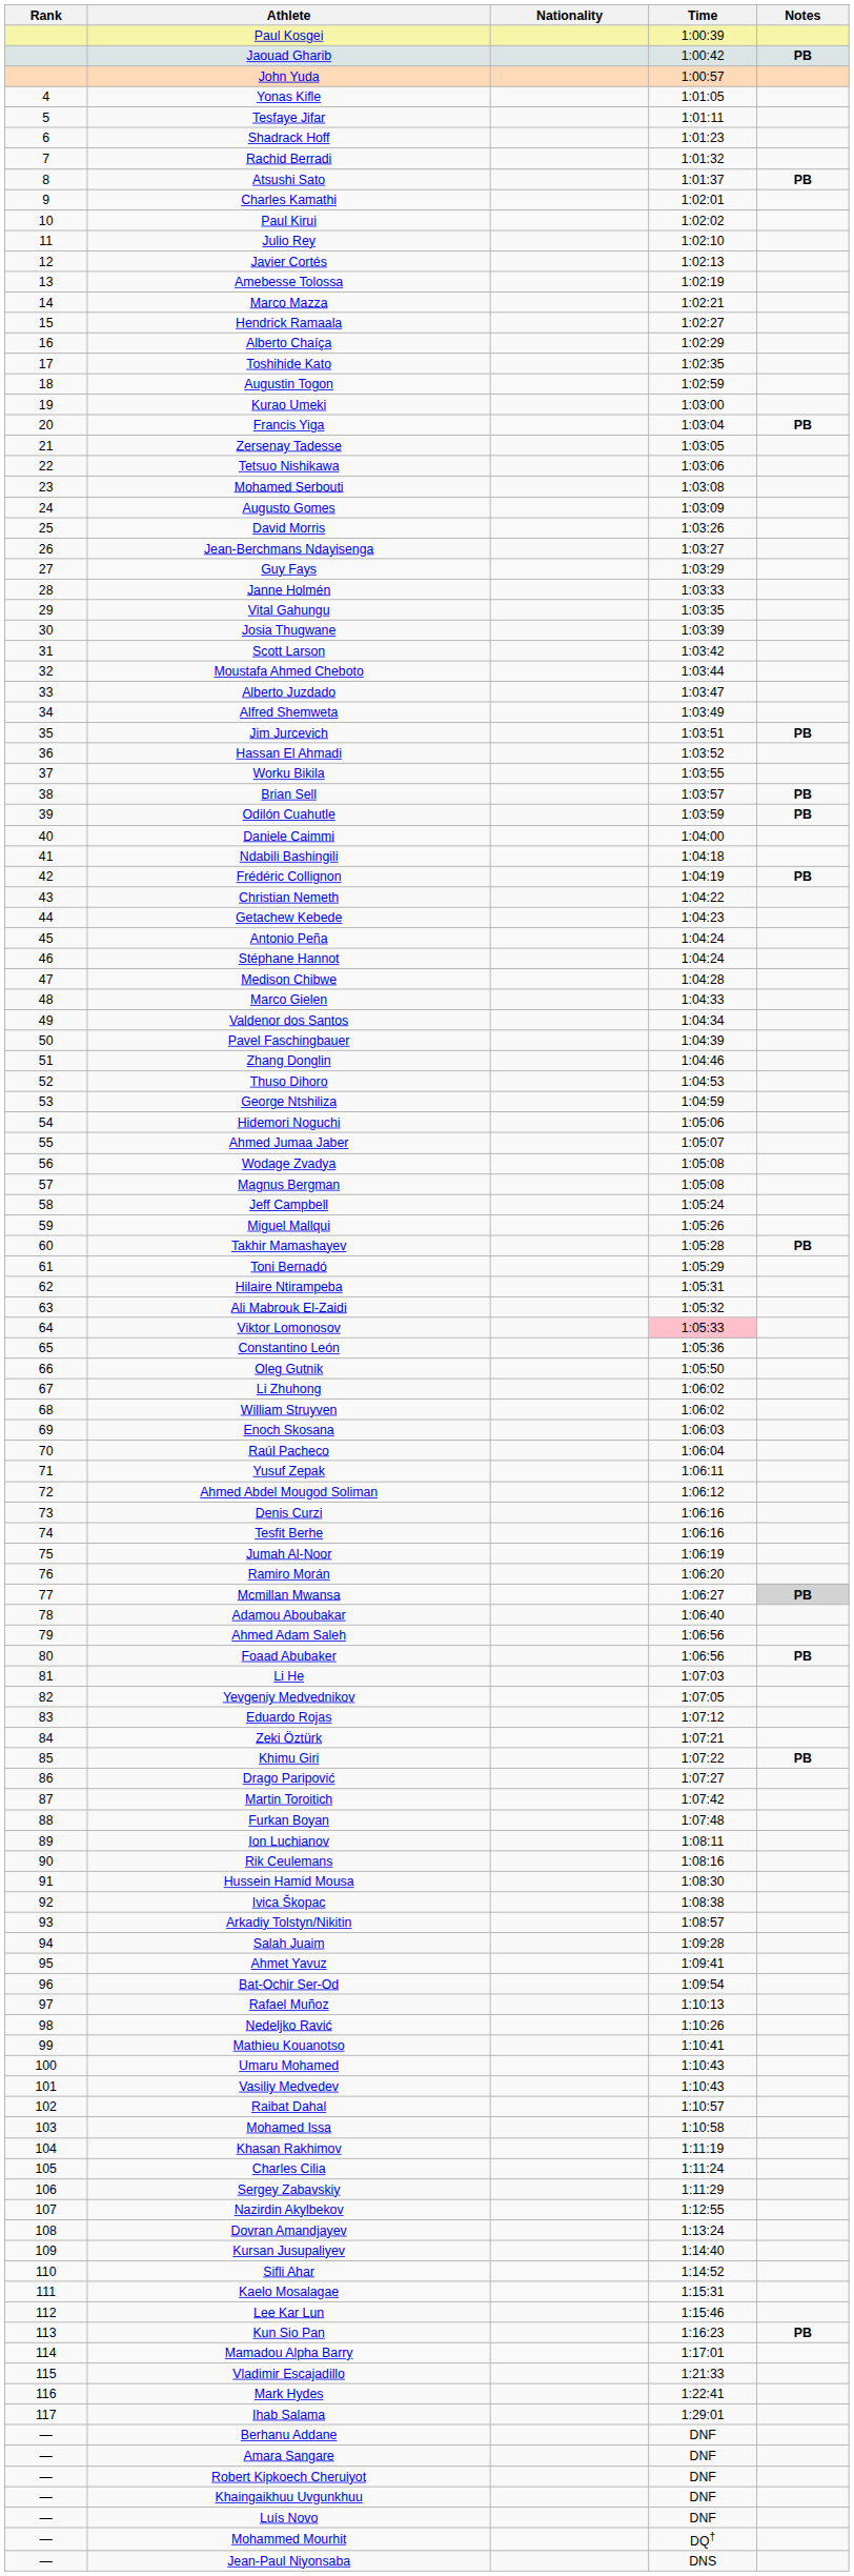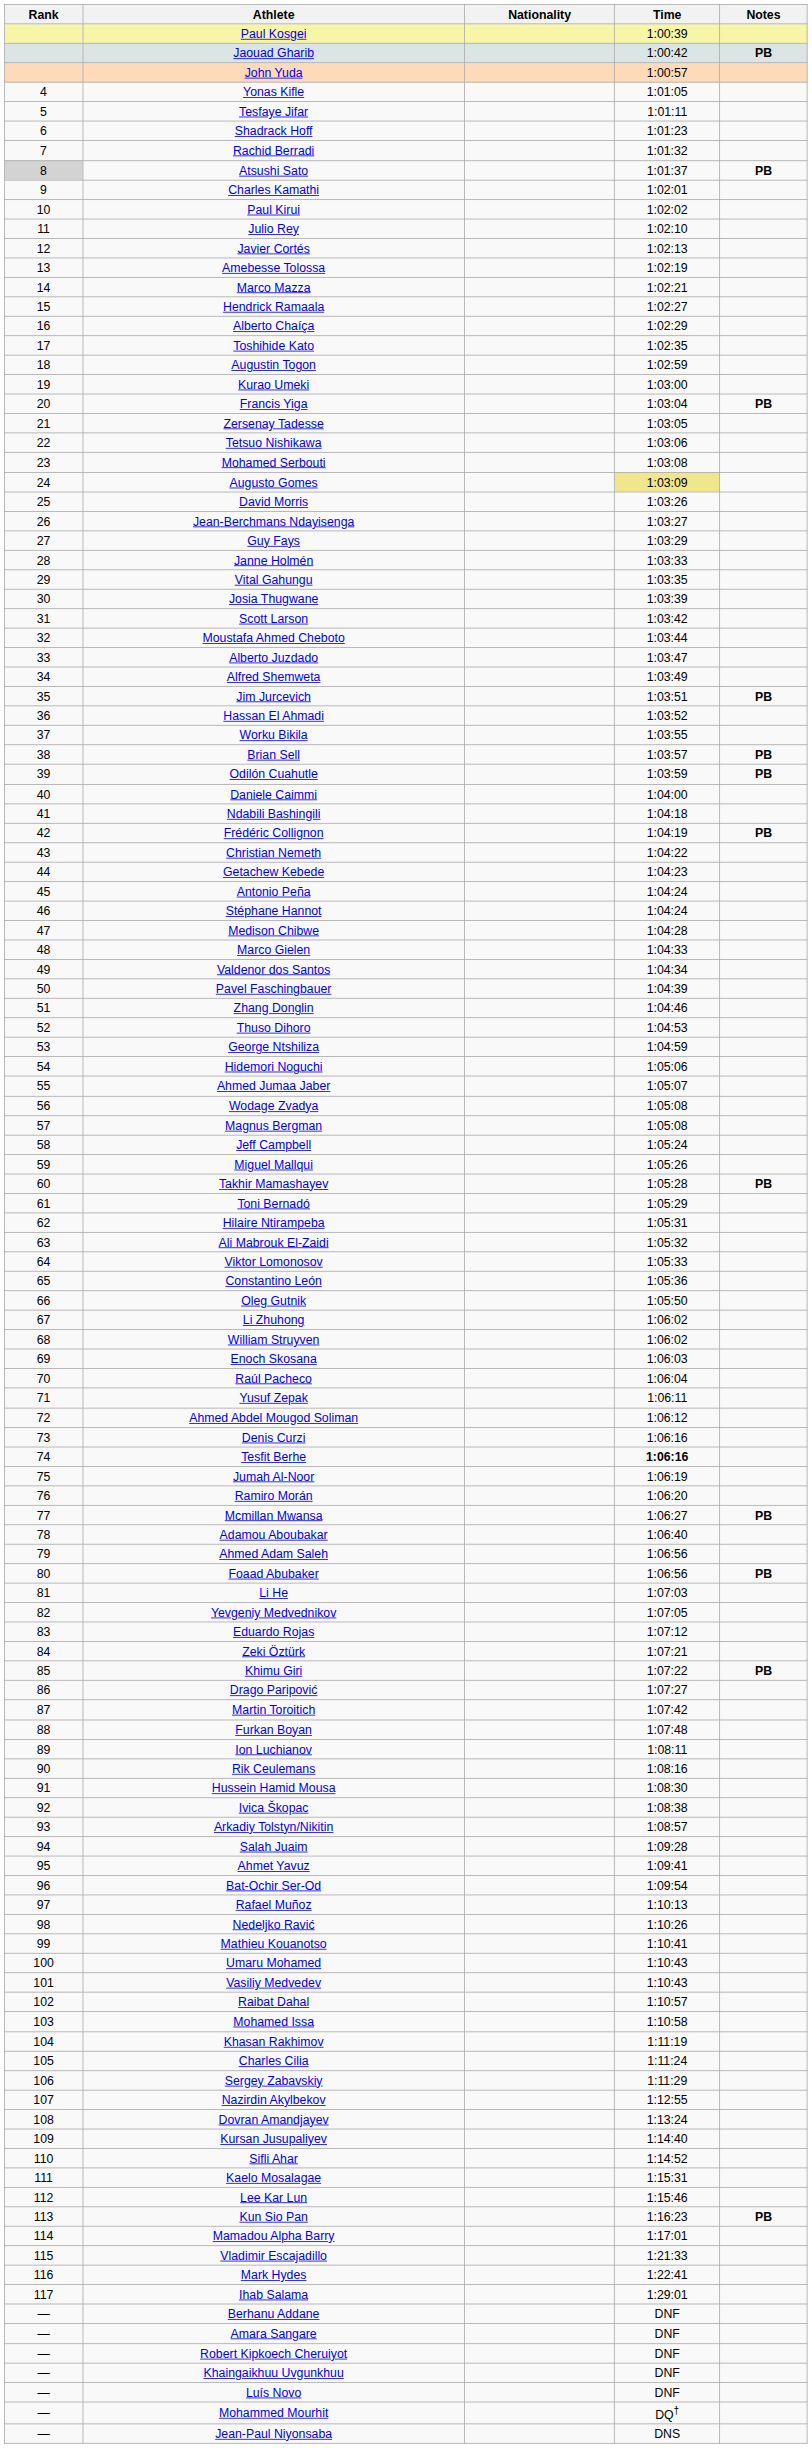 <table class="wikitable sortable" style=" text-align:center; font-size:95%;" width="50%">
 <tr>
 <th>Rank</th>
 <th>Athlete</th>
 <th>Nationality</th>
 <th>Time</th>
 <th>Notes</th>
 </tr>
 <tr bgcolor="#F7F6A8">
 <td align=center></td>
 <td><a href='#'>Paul Kosgei</a></td>
 <td></td>
 <td>1:00:39</td>
 <td></td>
 </tr>
 <tr bgcolor="#DCE5E5">
 <td align=center></td>
 <td><a href='#'>Jaouad Gharib</a></td>
 <td></td>
 <td>1:00:42</td>
 <td><strong>PB</strong></td>
 </tr>
 <tr bgcolor="#FFDAB9">
 <td align=center></td>
 <td><a href='#'>John Yuda</a></td>
 <td></td>
 <td>1:00:57</td>
 <td></td>
 </tr>
 <tr>
 <td align=center>4</td>
 <td><a href='#'>Yonas Kifle</a></td>
 <td></td>
 <td>1:01:05</td>
 <td></td>
 </tr>
 <tr>
 <td align=center>5</td>
 <td><a href='#'>Tesfaye Jifar</a></td>
 <td></td>
 <td>1:01:11</td>
 <td></td>
 </tr>
 <tr>
 <td align=center>6</td>
 <td><a href='#'>Shadrack Hoff</a></td>
 <td></td>
 <td>1:01:23</td>
 <td></td>
 </tr>
 <tr>
 <td align=center>7</td>
 <td><a href='#'>Rachid Berradi</a></td>
 <td></td>
 <td>1:01:32</td>
 <td></td>
 </tr>
 <tr>
-<td align=center>8</td>
+<td align=center style="background: lightgrey;">8</td>
 <td><a href='#'>Atsushi Sato</a></td>
 <td></td>
 <td>1:01:37</td>
 <td><strong>PB</strong></td>
 </tr>
 <tr>
 <td align=center>9</td>
 <td><a href='#'>Charles Kamathi</a></td>
 <td></td>
 <td>1:02:01</td>
 <td></td>
 </tr>
 <tr>
 <td align=center>10</td>
 <td><a href='#'>Paul Kirui</a></td>
 <td></td>
 <td>1:02:02</td>
 <td></td>
 </tr>
 <tr>
 <td align=center>11</td>
 <td><a href='#'>Julio Rey</a></td>
 <td></td>
 <td>1:02:10</td>
 <td></td>
 </tr>
 <tr>
 <td align=center>12</td>
 <td><a href='#'>Javier Cortés</a></td>
 <td></td>
 <td>1:02:13</td>
 <td></td>
 </tr>
 <tr>
 <td align=center>13</td>
 <td><a href='#'>Amebesse Tolossa</a></td>
 <td></td>
 <td>1:02:19</td>
 <td></td>
 </tr>
 <tr>
 <td align=center>14</td>
 <td><a href='#'>Marco Mazza</a></td>
 <td></td>
 <td>1:02:21</td>
 <td></td>
 </tr>
 <tr>
 <td align=center>15</td>
 <td><a href='#'>Hendrick Ramaala</a></td>
 <td></td>
 <td>1:02:27</td>
 <td></td>
 </tr>
 <tr>
 <td align=center>16</td>
 <td><a href='#'>Alberto Chaíça</a></td>
 <td></td>
 <td>1:02:29</td>
 <td></td>
 </tr>
 <tr>
 <td align=center>17</td>
 <td><a href='#'>Toshihide Kato</a></td>
 <td></td>
 <td>1:02:35</td>
 <td></td>
 </tr>
 <tr>
 <td align=center>18</td>
 <td><a href='#'>Augustin Togon</a></td>
 <td></td>
 <td>1:02:59</td>
 <td></td>
 </tr>
 <tr>
 <td align=center>19</td>
 <td><a href='#'>Kurao Umeki</a></td>
 <td></td>
 <td>1:03:00</td>
 <td></td>
 </tr>
 <tr>
 <td align=center>20</td>
 <td><a href='#'>Francis Yiga</a></td>
 <td></td>
 <td>1:03:04</td>
 <td><strong>PB</strong></td>
 </tr>
 <tr>
 <td align=center>21</td>
 <td><a href='#'>Zersenay Tadesse</a></td>
 <td></td>
 <td>1:03:05</td>
 <td></td>
 </tr>
 <tr>
 <td align=center>22</td>
 <td><a href='#'>Tetsuo Nishikawa</a></td>
 <td></td>
 <td>1:03:06</td>
 <td></td>
 </tr>
 <tr>
 <td align=center>23</td>
 <td><a href='#'>Mohamed Serbouti</a></td>
 <td></td>
 <td>1:03:08</td>
 <td></td>
 </tr>
 <tr>
 <td align=center>24</td>
 <td><a href='#'>Augusto Gomes</a></td>
 <td></td>
-<td>1:03:09</td>
+<td style="background: khaki;">1:03:09</td>
 <td></td>
 </tr>
 <tr>
 <td align=center>25</td>
 <td><a href='#'>David Morris</a></td>
 <td></td>
 <td>1:03:26</td>
 <td></td>
 </tr>
 <tr>
 <td align=center>26</td>
 <td><a href='#'>Jean-Berchmans Ndayisenga</a></td>
 <td></td>
 <td>1:03:27</td>
 <td></td>
 </tr>
 <tr>
 <td align=center>27</td>
 <td><a href='#'>Guy Fays</a></td>
 <td></td>
 <td>1:03:29</td>
 <td></td>
 </tr>
 <tr>
 <td align=center>28</td>
 <td><a href='#'>Janne Holmén</a></td>
 <td></td>
 <td>1:03:33</td>
 <td></td>
 </tr>
 <tr>
 <td align=center>29</td>
 <td><a href='#'>Vital Gahungu</a></td>
 <td></td>
 <td>1:03:35</td>
 <td></td>
 </tr>
 <tr>
 <td align=center>30</td>
 <td><a href='#'>Josia Thugwane</a></td>
 <td></td>
 <td>1:03:39</td>
 <td></td>
 </tr>
 <tr>
 <td align=center>31</td>
 <td><a href='#'>Scott Larson</a></td>
 <td></td>
 <td>1:03:42</td>
 <td></td>
 </tr>
 <tr>
 <td align=center>32</td>
 <td><a href='#'>Moustafa Ahmed Cheboto</a></td>
 <td></td>
 <td>1:03:44</td>
 <td></td>
 </tr>
 <tr>
 <td align=center>33</td>
 <td><a href='#'>Alberto Juzdado</a></td>
 <td></td>
 <td>1:03:47</td>
 <td></td>
 </tr>
 <tr>
 <td align=center>34</td>
 <td><a href='#'>Alfred Shemweta</a></td>
 <td></td>
 <td>1:03:49</td>
 <td></td>
 </tr>
 <tr>
 <td align=center>35</td>
 <td><a href='#'>Jim Jurcevich</a></td>
 <td></td>
 <td>1:03:51</td>
 <td><strong>PB</strong></td>
 </tr>
 <tr>
 <td align=center>36</td>
 <td><a href='#'>Hassan El Ahmadi</a></td>
 <td></td>
 <td>1:03:52</td>
 <td></td>
 </tr>
 <tr>
 <td align=center>37</td>
 <td><a href='#'>Worku Bikila</a></td>
 <td></td>
 <td>1:03:55</td>
 <td></td>
 </tr>
 <tr>
 <td align=center>38</td>
 <td><a href='#'>Brian Sell</a></td>
 <td></td>
 <td>1:03:57</td>
 <td><strong>PB</strong></td>
 </tr>
 <tr>
 <td align=center>39</td>
 <td><a href='#'>Odilón Cuahutle</a></td>
 <td></td>
 <td>1:03:59</td>
 <td><strong>PB</strong></td>
 </tr>
 <tr>
 <td align=center>40</td>
 <td><a href='#'>Daniele Caimmi</a></td>
 <td></td>
 <td>1:04:00</td>
 <td></td>
 </tr>
 <tr>
 <td align=center>41</td>
 <td><a href='#'>Ndabili Bashingili</a></td>
 <td></td>
 <td>1:04:18</td>
 <td></td>
 </tr>
 <tr>
 <td align=center>42</td>
 <td><a href='#'>Frédéric Collignon</a></td>
 <td></td>
 <td>1:04:19</td>
 <td><strong>PB</strong></td>
 </tr>
 <tr>
 <td align=center>43</td>
 <td><a href='#'>Christian Nemeth</a></td>
 <td></td>
 <td>1:04:22</td>
 <td></td>
 </tr>
 <tr>
 <td align=center>44</td>
 <td><a href='#'>Getachew Kebede</a></td>
 <td></td>
 <td>1:04:23</td>
 <td></td>
 </tr>
 <tr>
 <td align=center>45</td>
 <td><a href='#'>Antonio Peña</a></td>
 <td></td>
 <td>1:04:24</td>
 <td></td>
 </tr>
 <tr>
 <td align=center>46</td>
 <td><a href='#'>Stéphane Hannot</a></td>
 <td></td>
 <td>1:04:24</td>
 <td></td>
 </tr>
 <tr>
 <td align=center>47</td>
 <td><a href='#'>Medison Chibwe</a></td>
 <td></td>
 <td>1:04:28</td>
 <td></td>
 </tr>
 <tr>
 <td align=center>48</td>
 <td><a href='#'>Marco Gielen</a></td>
 <td></td>
 <td>1:04:33</td>
 <td></td>
 </tr>
 <tr>
 <td align=center>49</td>
 <td><a href='#'>Valdenor dos Santos</a></td>
 <td></td>
 <td>1:04:34</td>
 <td></td>
 </tr>
 <tr>
 <td align=center>50</td>
 <td><a href='#'>Pavel Faschingbauer</a></td>
 <td></td>
 <td>1:04:39</td>
 <td></td>
 </tr>
 <tr>
 <td align=center>51</td>
 <td><a href='#'>Zhang Donglin</a></td>
 <td></td>
 <td>1:04:46</td>
 <td></td>
 </tr>
 <tr>
 <td align=center>52</td>
 <td><a href='#'>Thuso Dihoro</a></td>
 <td></td>
 <td>1:04:53</td>
 <td></td>
 </tr>
 <tr>
 <td align=center>53</td>
 <td><a href='#'>George Ntshiliza</a></td>
 <td></td>
 <td>1:04:59</td>
 <td></td>
 </tr>
 <tr>
 <td align=center>54</td>
 <td><a href='#'>Hidemori Noguchi</a></td>
 <td></td>
 <td>1:05:06</td>
 <td></td>
 </tr>
 <tr>
 <td align=center>55</td>
 <td><a href='#'>Ahmed Jumaa Jaber</a></td>
 <td></td>
 <td>1:05:07</td>
 <td></td>
 </tr>
 <tr>
 <td align=center>56</td>
 <td><a href='#'>Wodage Zvadya</a></td>
 <td></td>
 <td>1:05:08</td>
 <td></td>
 </tr>
 <tr>
 <td align=center>57</td>
 <td><a href='#'>Magnus Bergman</a></td>
 <td></td>
 <td>1:05:08</td>
 <td></td>
 </tr>
 <tr>
 <td align=center>58</td>
 <td><a href='#'>Jeff Campbell</a></td>
 <td></td>
 <td>1:05:24</td>
 <td></td>
 </tr>
 <tr>
 <td align=center>59</td>
 <td><a href='#'>Miguel Mallqui</a></td>
 <td></td>
 <td>1:05:26</td>
 <td></td>
 </tr>
 <tr>
 <td align=center>60</td>
 <td><a href='#'>Takhir Mamashayev</a></td>
 <td></td>
 <td>1:05:28</td>
 <td><strong>PB</strong></td>
 </tr>
 <tr>
 <td align=center>61</td>
 <td><a href='#'>Toni Bernadó</a></td>
 <td></td>
 <td>1:05:29</td>
 <td></td>
 </tr>
 <tr>
 <td align=center>62</td>
 <td><a href='#'>Hilaire Ntirampeba</a></td>
 <td></td>
 <td>1:05:31</td>
 <td></td>
 </tr>
 <tr>
 <td align=center>63</td>
 <td><a href='#'>Ali Mabrouk El-Zaidi</a></td>
 <td></td>
 <td>1:05:32</td>
 <td></td>
 </tr>
 <tr>
 <td align=center>64</td>
 <td><a href='#'>Viktor Lomonosov</a></td>
 <td></td>
-<td style="background: pink;">1:05:33</td>
+<td>1:05:33</td>
 <td></td>
 </tr>
 <tr>
 <td align=center>65</td>
 <td><a href='#'>Constantino León</a></td>
 <td></td>
 <td>1:05:36</td>
 <td></td>
 </tr>
 <tr>
 <td align=center>66</td>
 <td><a href='#'>Oleg Gutnik</a></td>
 <td></td>
 <td>1:05:50</td>
 <td></td>
 </tr>
 <tr>
 <td align=center>67</td>
 <td><a href='#'>Li Zhuhong</a></td>
 <td></td>
 <td>1:06:02</td>
 <td></td>
 </tr>
 <tr>
 <td align=center>68</td>
 <td><a href='#'>William Struyven</a></td>
 <td></td>
 <td>1:06:02</td>
 <td></td>
 </tr>
 <tr>
 <td align=center>69</td>
 <td><a href='#'>Enoch Skosana</a></td>
 <td></td>
 <td>1:06:03</td>
 <td></td>
 </tr>
 <tr>
 <td align=center>70</td>
 <td><a href='#'>Raúl Pacheco</a></td>
 <td></td>
 <td>1:06:04</td>
 <td></td>
 </tr>
 <tr>
 <td align=center>71</td>
 <td><a href='#'>Yusuf Zepak</a></td>
 <td></td>
 <td>1:06:11</td>
 <td></td>
 </tr>
 <tr>
 <td align=center>72</td>
 <td><a href='#'>Ahmed Abdel Mougod Soliman</a></td>
 <td></td>
 <td>1:06:12</td>
 <td></td>
 </tr>
 <tr>
 <td align=center>73</td>
 <td><a href='#'>Denis Curzi</a></td>
 <td></td>
 <td>1:06:16</td>
 <td></td>
 </tr>
 <tr>
 <td align=center>74</td>
 <td><a href='#'>Tesfit Berhe</a></td>
 <td></td>
-<td>1:06:16</td>
+<td><strong>1:06:16</strong></td>
 <td></td>
 </tr>
 <tr>
 <td align=center>75</td>
 <td><a href='#'>Jumah Al-Noor</a></td>
 <td></td>
 <td>1:06:19</td>
 <td></td>
 </tr>
 <tr>
 <td align=center>76</td>
 <td><a href='#'>Ramiro Morán</a></td>
 <td></td>
 <td>1:06:20</td>
 <td></td>
 </tr>
 <tr>
 <td align=center>77</td>
 <td><a href='#'>Mcmillan Mwansa</a></td>
 <td></td>
 <td>1:06:27</td>
-<td style="background: lightgrey;"><strong>PB</strong></td>
+<td><strong>PB</strong></td>
 </tr>
 <tr>
 <td align=center>78</td>
 <td><a href='#'>Adamou Aboubakar</a></td>
 <td></td>
 <td>1:06:40</td>
 <td></td>
 </tr>
 <tr>
 <td align=center>79</td>
 <td><a href='#'>Ahmed Adam Saleh</a></td>
 <td></td>
 <td>1:06:56</td>
 <td></td>
 </tr>
 <tr>
 <td align=center>80</td>
 <td><a href='#'>Foaad Abubaker</a></td>
 <td></td>
 <td>1:06:56</td>
 <td><strong>PB</strong></td>
 </tr>
 <tr>
 <td align=center>81</td>
 <td><a href='#'>Li He</a></td>
 <td></td>
 <td>1:07:03</td>
 <td></td>
 </tr>
 <tr>
 <td align=center>82</td>
 <td><a href='#'>Yevgeniy Medvednikov</a></td>
 <td></td>
 <td>1:07:05</td>
 <td></td>
 </tr>
 <tr>
 <td align=center>83</td>
 <td><a href='#'>Eduardo Rojas</a></td>
 <td></td>
 <td>1:07:12</td>
 <td></td>
 </tr>
 <tr>
 <td align=center>84</td>
 <td><a href='#'>Zeki Öztürk</a></td>
 <td></td>
 <td>1:07:21</td>
 <td></td>
 </tr>
 <tr>
 <td align=center>85</td>
 <td><a href='#'>Khimu Giri</a></td>
 <td></td>
 <td>1:07:22</td>
 <td><strong>PB</strong></td>
 </tr>
 <tr>
 <td align=center>86</td>
 <td><a href='#'>Drago Paripović</a></td>
 <td></td>
 <td>1:07:27</td>
 <td></td>
 </tr>
 <tr>
 <td align=center>87</td>
 <td><a href='#'>Martin Toroitich</a></td>
 <td></td>
 <td>1:07:42</td>
 <td></td>
 </tr>
 <tr>
 <td align=center>88</td>
 <td><a href='#'>Furkan Boyan</a></td>
 <td></td>
 <td>1:07:48</td>
 <td></td>
 </tr>
 <tr>
 <td align=center>89</td>
 <td><a href='#'>Ion Luchianov</a></td>
 <td></td>
 <td>1:08:11</td>
 <td></td>
 </tr>
 <tr>
 <td align=center>90</td>
 <td><a href='#'>Rik Ceulemans</a></td>
 <td></td>
 <td>1:08:16</td>
 <td></td>
 </tr>
 <tr>
 <td align=center>91</td>
 <td><a href='#'>Hussein Hamid Mousa</a></td>
 <td></td>
 <td>1:08:30</td>
 <td></td>
 </tr>
 <tr>
 <td align=center>92</td>
 <td><a href='#'>Ivica Škopac</a></td>
 <td></td>
 <td>1:08:38</td>
 <td></td>
 </tr>
 <tr>
 <td align=center>93</td>
 <td><a href='#'>Arkadiy Tolstyn/Nikitin</a></td>
 <td></td>
 <td>1:08:57</td>
 <td></td>
 </tr>
 <tr>
 <td align=center>94</td>
 <td><a href='#'>Salah Juaim</a></td>
 <td></td>
 <td>1:09:28</td>
 <td></td>
 </tr>
 <tr>
 <td align=center>95</td>
 <td><a href='#'>Ahmet Yavuz</a></td>
 <td></td>
 <td>1:09:41</td>
 <td></td>
 </tr>
 <tr>
 <td align=center>96</td>
 <td><a href='#'>Bat-Ochir Ser-Od</a></td>
 <td></td>
 <td>1:09:54</td>
 <td></td>
 </tr>
 <tr>
 <td align=center>97</td>
 <td><a href='#'>Rafael Muñoz</a></td>
 <td></td>
 <td>1:10:13</td>
 <td></td>
 </tr>
 <tr>
 <td align=center>98</td>
 <td><a href='#'>Nedeljko Ravić</a></td>
 <td></td>
 <td>1:10:26</td>
 <td></td>
 </tr>
 <tr>
 <td align=center>99</td>
 <td><a href='#'>Mathieu Kouanotso</a></td>
 <td></td>
 <td>1:10:41</td>
 <td></td>
 </tr>
 <tr>
 <td align=center>100</td>
 <td><a href='#'>Umaru Mohamed</a></td>
 <td></td>
 <td>1:10:43</td>
 <td></td>
 </tr>
 <tr>
 <td align=center>101</td>
 <td><a href='#'>Vasiliy Medvedev</a></td>
 <td></td>
 <td>1:10:43</td>
 <td></td>
 </tr>
 <tr>
 <td align=center>102</td>
 <td><a href='#'>Raibat Dahal</a></td>
 <td></td>
 <td>1:10:57</td>
 <td></td>
 </tr>
 <tr>
 <td align=center>103</td>
 <td><a href='#'>Mohamed Issa</a></td>
 <td></td>
 <td>1:10:58</td>
 <td></td>
 </tr>
 <tr>
 <td align=center>104</td>
 <td><a href='#'>Khasan Rakhimov</a></td>
 <td></td>
 <td>1:11:19</td>
 <td></td>
 </tr>
 <tr>
 <td align=center>105</td>
 <td><a href='#'>Charles Cilia</a></td>
 <td></td>
 <td>1:11:24</td>
 <td></td>
 </tr>
 <tr>
 <td align=center>106</td>
 <td><a href='#'>Sergey Zabavskiy</a></td>
 <td></td>
 <td>1:11:29</td>
 <td></td>
 </tr>
 <tr>
 <td align=center>107</td>
 <td><a href='#'>Nazirdin Akylbekov</a></td>
 <td></td>
 <td>1:12:55</td>
 <td></td>
 </tr>
 <tr>
 <td align=center>108</td>
 <td><a href='#'>Dovran Amandjayev</a></td>
 <td></td>
 <td>1:13:24</td>
 <td></td>
 </tr>
 <tr>
 <td align=center>109</td>
 <td><a href='#'>Kursan Jusupaliyev</a></td>
 <td></td>
 <td>1:14:40</td>
 <td></td>
 </tr>
 <tr>
 <td align=center>110</td>
 <td><a href='#'>Sifli Ahar</a></td>
 <td></td>
 <td>1:14:52</td>
 <td></td>
 </tr>
 <tr>
 <td align=center>111</td>
 <td><a href='#'>Kaelo Mosalagae</a></td>
 <td></td>
 <td>1:15:31</td>
 <td></td>
 </tr>
 <tr>
 <td align=center>112</td>
 <td><a href='#'>Lee Kar Lun</a></td>
 <td></td>
 <td>1:15:46</td>
 <td></td>
 </tr>
 <tr>
 <td align=center>113</td>
 <td><a href='#'>Kun Sio Pan</a></td>
 <td></td>
 <td>1:16:23</td>
 <td><strong>PB</strong></td>
 </tr>
 <tr>
 <td align=center>114</td>
 <td><a href='#'>Mamadou Alpha Barry</a></td>
 <td></td>
 <td>1:17:01</td>
 <td></td>
 </tr>
 <tr>
 <td align=center>115</td>
 <td><a href='#'>Vladimir Escajadillo</a></td>
 <td></td>
 <td>1:21:33</td>
 <td></td>
 </tr>
 <tr>
 <td align=center>116</td>
 <td><a href='#'>Mark Hydes</a></td>
 <td></td>
 <td>1:22:41</td>
 <td></td>
 </tr>
 <tr>
 <td align=center>117</td>
 <td><a href='#'>Ihab Salama</a></td>
 <td></td>
 <td>1:29:01</td>
 <td></td>
 </tr>
 <tr>
 <td align=center>—</td>
 <td><a href='#'>Berhanu Addane</a></td>
 <td></td>
 <td>DNF</td>
 <td></td>
 </tr>
 <tr>
 <td align=center>—</td>
 <td><a href='#'>Amara Sangare</a></td>
 <td></td>
 <td>DNF</td>
 <td></td>
 </tr>
 <tr>
 <td align=center>—</td>
 <td><a href='#'>Robert Kipkoech Cheruiyot</a></td>
 <td></td>
 <td>DNF</td>
 <td></td>
 </tr>
 <tr>
 <td align=center>—</td>
 <td><a href='#'>Khaingaikhuu Uvgunkhuu</a></td>
 <td></td>
 <td>DNF</td>
 <td></td>
 </tr>
 <tr>
 <td align=center>—</td>
 <td><a href='#'>Luís Novo</a></td>
 <td></td>
 <td>DNF</td>
 <td></td>
 </tr>
 <tr>
 <td align=center>—</td>
 <td><a href='#'>Mohammed Mourhit</a></td>
 <td></td>
 <td>DQ<sup>†</sup></td>
 <td></td>
 </tr>
 <tr>
 <td align=center>—</td>
 <td><a href='#'>Jean-Paul Niyonsaba</a></td>
 <td></td>
 <td>DNS</td>
 <td></td>
 </tr>
 </table>
